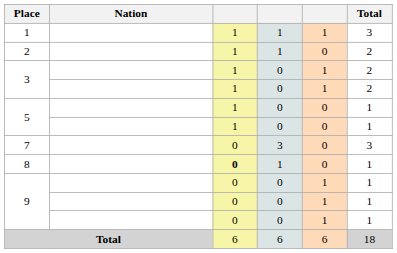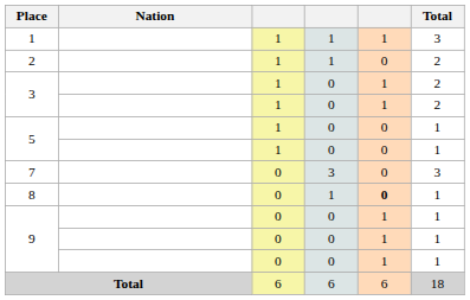 <table class=wikitable style="border:1px solid #AAAAAA;font-size:90%">
 <tr bgcolor="#EFEFEF">
 <th width=50>Place</th>
 <th width=200>Nation</th>
 <th width=50></th>
 <th width=50></th>
 <th width=50></th>
 <th width=50>Total</th>
 </tr>
 <tr align="center" valign="center" bgcolor="#FFFFFF">
 <td>1</td>
 <td align="left"></td>
 <td style="background:#F7F6A8;">1</td>
 <td style="background:#DCE5E5;">1</td>
 <td style="background:#FFDAB9;">1</td>
 <td>3</td>
 </tr>
 <tr align="center" valign="center" bgcolor="#FFFFFF">
 <td>2</td>
 <td align="left"></td>
 <td style="background:#F7F6A8;">1</td>
 <td style="background:#DCE5E5;">1</td>
 <td style="background:#FFDAB9;">0</td>
 <td>2</td>
 </tr>
 <tr align="center" valign="center" bgcolor="#FFFFFF">
 <td rowspan="2">3</td>
 <td align="left"></td>
 <td style="background:#F7F6A8;">1</td>
 <td style="background:#DCE5E5;">0</td>
 <td style="background:#FFDAB9;">1</td>
 <td>2</td>
 </tr>
 <tr align="center" valign="center" bgcolor="#FFFFFF">
 <td align="left"></td>
 <td style="background:#F7F6A8;">1</td>
 <td style="background:#DCE5E5;">0</td>
 <td style="background:#FFDAB9;">1</td>
 <td>2</td>
 </tr>
 <tr align="center" valign="center" bgcolor="#FFFFFF">
 <td rowspan="2">5</td>
 <td align="left"></td>
 <td style="background:#F7F6A8;">1</td>
 <td style="background:#DCE5E5;">0</td>
 <td style="background:#FFDAB9;">0</td>
 <td>1</td>
 </tr>
 <tr align="center" valign="center" bgcolor="#FFFFFF">
 <td align="left"></td>
 <td style="background:#F7F6A8;">1</td>
 <td style="background:#DCE5E5;">0</td>
 <td style="background:#FFDAB9;">0</td>
 <td>1</td>
 </tr>
 <tr align="center" valign="center" bgcolor="#FFFFFF">
 <td>7</td>
 <td align="left"></td>
 <td style="background:#F7F6A8;">0</td>
 <td style="background:#DCE5E5;">3</td>
 <td style="background:#FFDAB9;">0</td>
 <td>3</td>
 </tr>
 <tr align="center" valign="center" bgcolor="#FFFFFF">
 <td>8</td>
 <td align="left"></td>
-<td style="background:#F7F6A8;"><strong>0</strong></td>
+<td style="background:#F7F6A8;">0</td>
 <td style="background:#DCE5E5;">1</td>
-<td style="background:#FFDAB9;">0</td>
+<td style="background:#FFDAB9;"><strong>0</strong></td>
 <td>1</td>
 </tr>
 <tr align="center" valign="center" bgcolor="#FFFFFF">
 <td rowspan="3">9</td>
 <td align="left"></td>
 <td style="background:#F7F6A8;">0</td>
 <td style="background:#DCE5E5;">0</td>
 <td style="background:#FFDAB9;">1</td>
 <td>1</td>
 </tr>
 <tr align="center" valign="center" bgcolor="#FFFFFF">
 <td align="left"></td>
 <td style="background:#F7F6A8;">0</td>
 <td style="background:#DCE5E5;">0</td>
 <td style="background:#FFDAB9;">1</td>
 <td>1</td>
 </tr>
 <tr align="center" valign="center" bgcolor="#FFFFFF">
 <td align="left"></td>
 <td style="background:#F7F6A8;">0</td>
 <td style="background:#DCE5E5;">0</td>
 <td style="background:#FFDAB9;">1</td>
 <td>1</td>
 </tr>
 <tr align="center">
 <td colspan="2" bgcolor=D3D3D3><strong>Total</strong></td>
 <td style="background:#F7F6A8;">6</td>
 <td style="background:#DCE5E5;">6</td>
 <td style="background:#FFDAB9;">6</td>
 <td bgcolor=D3D3D3>18</td>
 </tr>
 </table>
